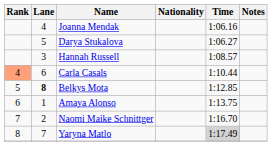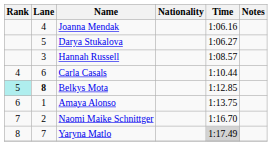 <table class="wikitable">
 <tr>
 <th>Rank</th>
 <th>Lane</th>
 <th>Name</th>
 <th>Nationality</th>
 <th>Time</th>
 <th>Notes</th>
 </tr>
 <tr>
 <td align=center></td>
 <td align=center>4</td>
 <td><a href='#'>Joanna Mendak</a></td>
 <td></td>
 <td align=center>1:06.16</td>
 <td align=center></td>
 </tr>
 <tr>
 <td align=center></td>
 <td align=center>5</td>
 <td><a href='#'>Darya Stukalova</a></td>
 <td></td>
 <td align=center>1:06.27</td>
 <td align=center></td>
 </tr>
 <tr>
 <td align=center></td>
 <td align=center>3</td>
 <td><a href='#'>Hannah Russell</a></td>
 <td></td>
 <td align=center>1:08.57</td>
 <td align=center></td>
 </tr>
 <tr>
-<td align=center style="background: lightsalmon;">4</td>
+<td align=center>4</td>
 <td align=center>6</td>
 <td><a href='#'>Carla Casals</a></td>
 <td></td>
 <td align=center>1:10.44</td>
 <td align=center></td>
 </tr>
 <tr>
-<td align=center>5</td>
+<td align=center style="background: paleturquoise;">5</td>
 <td align=center><strong>8</strong></td>
 <td><a href='#'>Belkys Mota</a></td>
 <td></td>
 <td align=center>1:12.85</td>
 <td align=center></td>
 </tr>
 <tr>
 <td align=center>6</td>
 <td align=center>1</td>
 <td><a href='#'>Amaya Alonso</a></td>
 <td></td>
 <td align=center>1:13.75</td>
 <td align=center></td>
 </tr>
 <tr>
 <td align=center>7</td>
 <td align=center>2</td>
 <td><a href='#'>Naomi Maike Schnittger</a></td>
 <td></td>
 <td align=center>1:16.70</td>
 <td align=center></td>
 </tr>
 <tr>
 <td align=center>8</td>
 <td align=center>7</td>
 <td><a href='#'>Yaryna Matlo</a></td>
 <td></td>
 <td align=center style="background: lightgrey;">1:17.49</td>
 <td align=center></td>
 </tr>
 <tr>
 </tr>
 </table>
